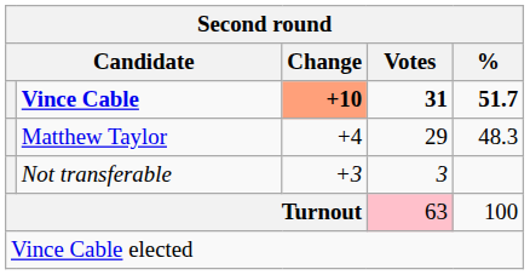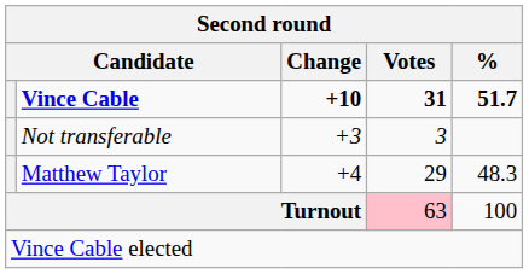 <table class=wikitable style="font-size:95%;">
 <tr>
 <th colspan="5">Second round</th>
 </tr>
 <tr>
 <th colspan="2" style="width: 170px">Candidate</th>
 <th style="width: 40px">Change</th>
 <th style="width: 50px">Votes</th>
 <th style="width: 40px">%</th>
 </tr>
 <tr>
 <th style="background-color: "></th>
 <td style="width: 170px"><strong><a href='#'>Vince Cable</a></strong></td>
-<td align="right" style="background: lightsalmon;"><strong>+10</strong></td>
+<td align="right"><strong>+10</strong></td>
 <td align="right"><strong>31</strong></td>
 <td align="right"><strong>51.7</strong></td>
+</tr>
+<tr>
+<th style="background-color: "></th>
+<td style="width: 170px"><em>Not transferable</em></td>
+<td align="right"><em>+3</em></td>
+<td align="right"><em>3</em></td>
+<td></td>
 </tr>
 <tr>
 <th style="background-color: "></th>
 <td style="width: 170px"><a href='#'>Matthew Taylor</a></td>
 <td align="right">+4</td>
 <td align="right">29</td>
 <td align="right">48.3</td>
-</tr>
-<tr>
-<th style="background-color: "></th>
-<td style="width: 170px"><em>Not transferable</em></td>
-<td align="right"><em>+3</em></td>
-<td align="right"><em>3</em></td>
-<td></td>
 </tr>
 <tr>
 <th colspan="3" style="text-align:right">Turnout</th>
 <td align="right" style="background: pink;">63</td>
 <td align="right">100</td>
 </tr>
 <tr>
 <td colspan="5"><a href='#'>Vince Cable</a> elected</td>
 </tr>
 </table>
